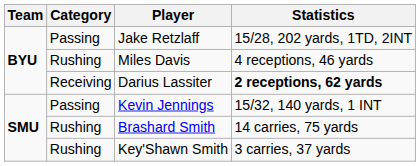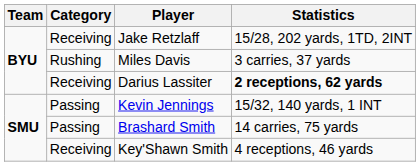 <table class="wikitable" style="float: right;">
 <tr>
 <th>Team</th>
 <th>Category</th>
 <th>Player</th>
 <th>Statistics</th>
 </tr>
 <tr>
 <td rowspan=3><strong>BYU</strong></td>
-<td>Passing</td>
+<td>Receiving</td>
 <td>Jake Retzlaff</td>
 <td>15/28, 202 yards, 1TD, 2INT</td>
 </tr>
 <tr>
 <td>Rushing</td>
 <td>Miles Davis</td>
-<td>4 receptions, 46 yards</td>
+<td>3 carries, 37 yards</td>
 </tr>
 <tr>
 <td>Receiving</td>
 <td>Darius Lassiter</td>
 <td><strong>2 receptions, 62 yards</strong></td>
 </tr>
 <tr>
 <td rowspan=3><strong>SMU</strong></td>
 <td>Passing</td>
 <td><a href='#'>Kevin Jennings</a></td>
 <td>15/32, 140 yards, 1 INT</td>
 </tr>
 <tr>
-<td>Rushing</td>
+<td>Passing</td>
 <td><a href='#'>Brashard Smith</a></td>
 <td>14 carries, 75 yards</td>
 </tr>
 <tr>
-<td>Rushing</td>
+<td>Receiving</td>
 <td>Key'Shawn Smith</td>
-<td>3 carries, 37 yards</td>
+<td>4 receptions, 46 yards</td>
 </tr>
 </table>
